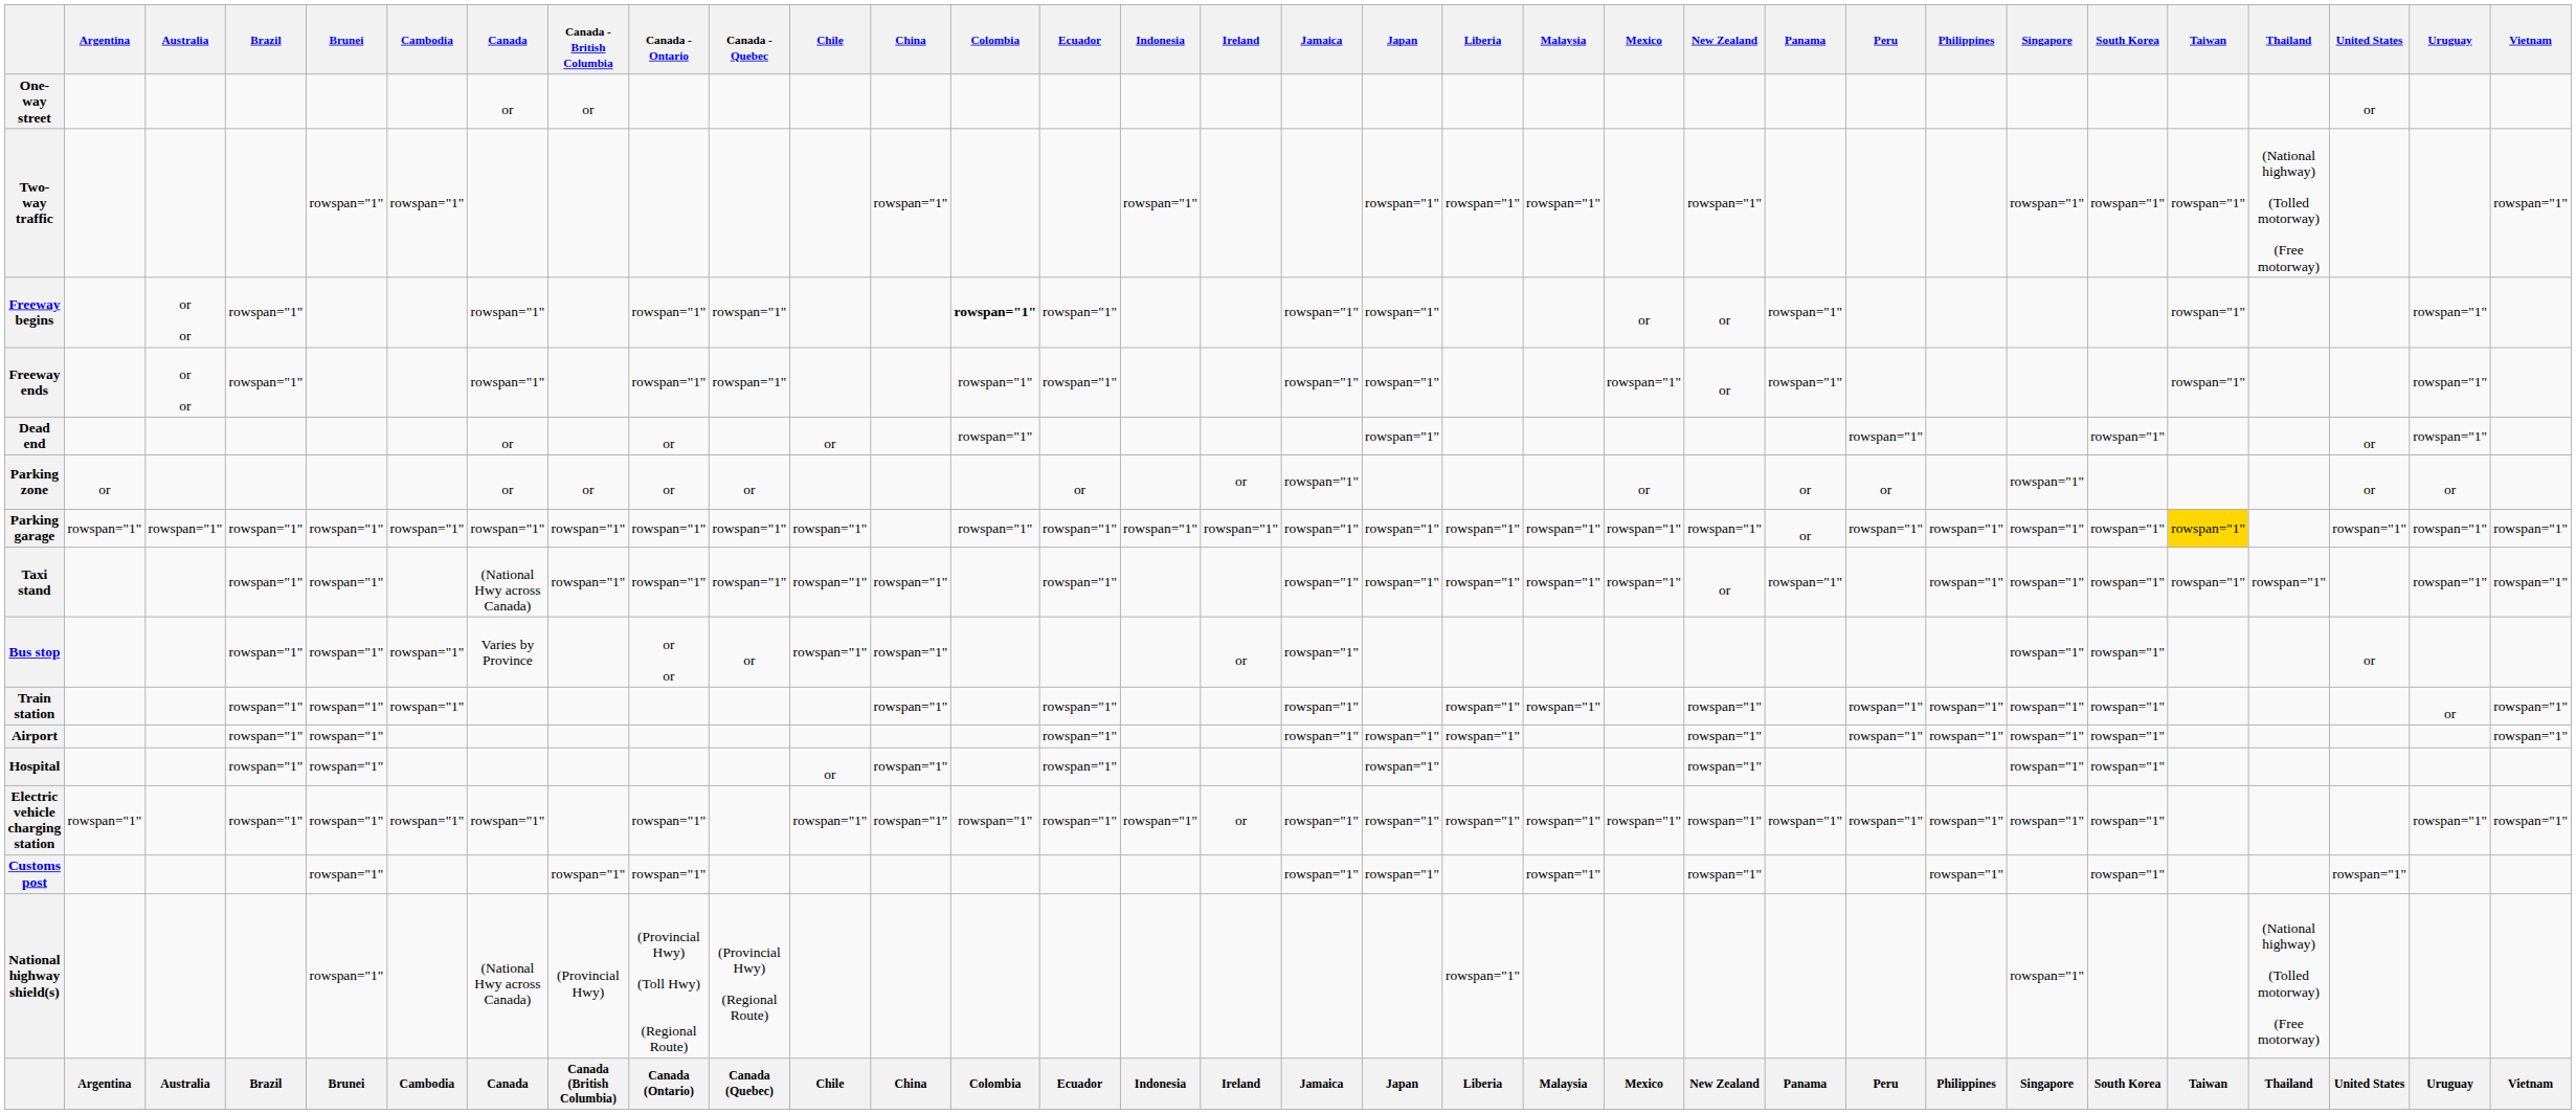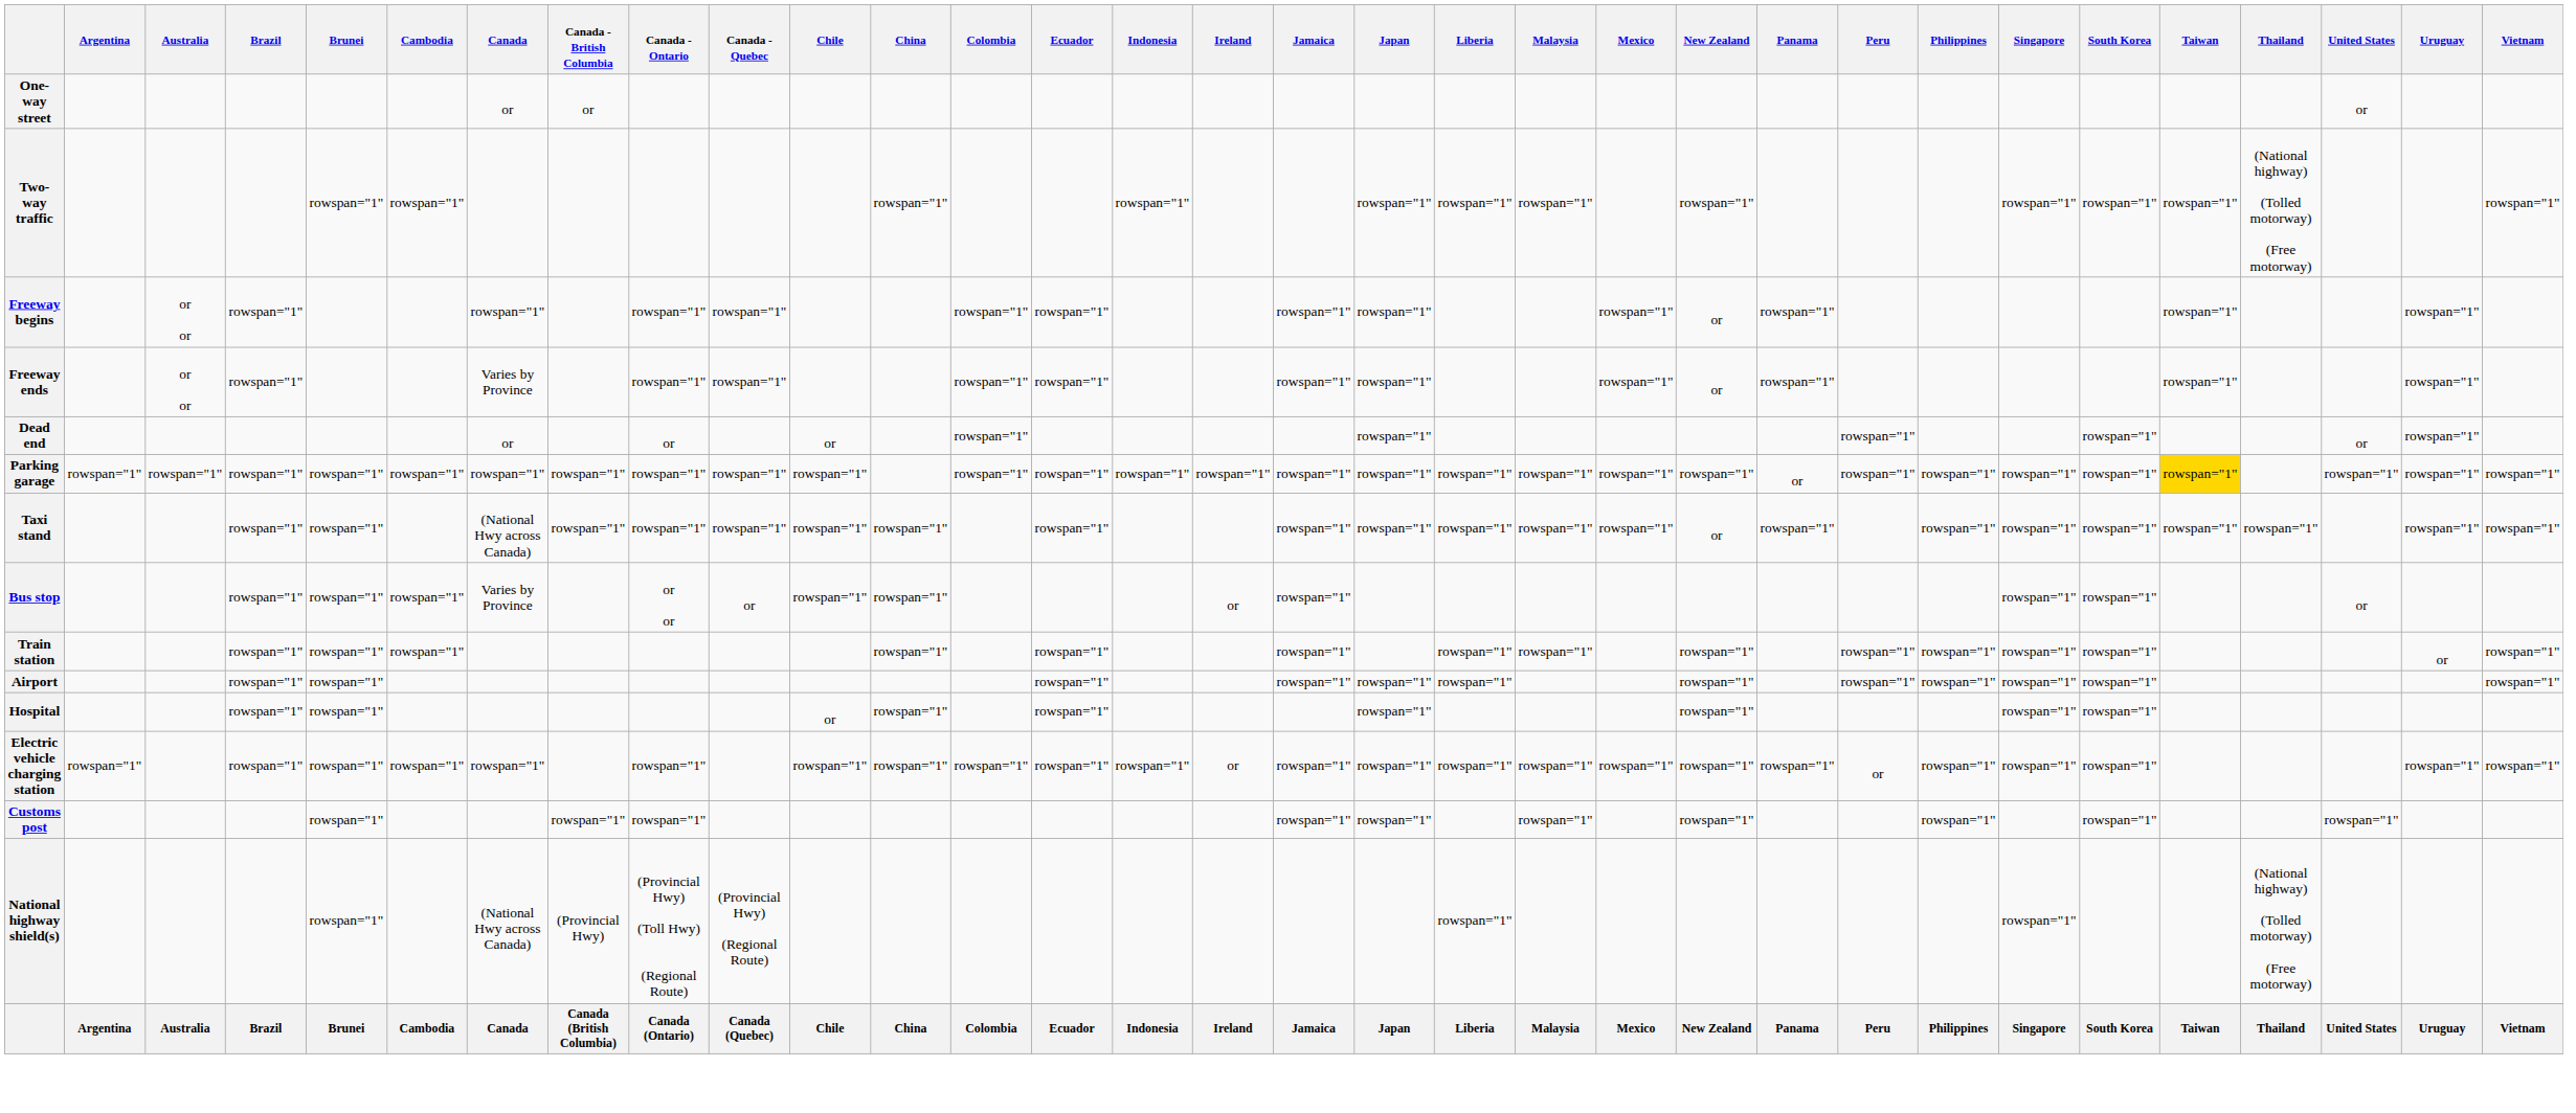 <table class="wikitable" style="text-align: center;">
 <tr>
 <th width="5" scope="col"> </th>
 <th> <br><small><a href='#'>Argentina</a><br>  </small></th>
 <th> <br><small><a href='#'>Australia</a><br>  </small></th>
 <th> <br><small><a href='#'>Brazil</a><br>  </small></th>
 <th> <br><small><a href='#'>Brunei</a><br>  </small></th>
 <th> <br><small><a href='#'>Cambodia</a><br>  </small></th>
 <th> <br><small><a href='#'>Canada</a><br>  </small></th>
 <th> <br><small>Canada -<br><a href='#'>British Columbia</a></small></th>
 <th> <br><small>Canada -<br><a href='#'>Ontario</a></small></th>
 <th> <br><small>Canada -<br><a href='#'>Quebec</a></small></th>
 <th> <br><small><a href='#'>Chile</a><br>  </small></th>
 <th> <br><small><a href='#'>China</a><br>  </small></th>
 <th> <br><small><a href='#'>Colombia</a><br>  </small></th>
 <th> <br><small><a href='#'>Ecuador</a><br>  </small></th>
 <th> <br><small><a href='#'>Indonesia</a><br>  </small></th>
 <th> <br><small><a href='#'>Ireland</a><br>  </small></th>
 <th> <br><small><a href='#'>Jamaica</a><br>  </small></th>
 <th> <br><small><a href='#'>Japan</a><br>  </small></th>
 <th> <br><small><a href='#'>Liberia</a><br>  </small></th>
 <th> <br><small><a href='#'>Malaysia</a><br>  </small></th>
 <th> <br><small><a href='#'>Mexico</a><br>  </small></th>
 <th> <br><small><a href='#'>New Zealand</a><br>  </small></th>
 <th> <br><small><a href='#'>Panama</a><br>  </small></th>
 <th> <br><small><a href='#'>Peru</a><br>  </small></th>
 <th> <br><small><a href='#'>Philippines</a><br>  </small></th>
 <th> <br><small><a href='#'>Singapore</a><br>  </small></th>
 <th> <br><small><a href='#'>South Korea</a><br>  </small></th>
 <th> <br><small><a href='#'>Taiwan</a><br>  </small></th>
 <th> <br><small><a href='#'>Thailand</a><br>  </small></th>
 <th width="138" scope="col"> <br><small><a href='#'>United States</a><br>  </small></th>
 <th> <br><small><a href='#'>Uruguay</a><br>  </small></th>
 <th> <br><small><a href='#'>Vietnam</a><br>  </small></th>
 </tr>
 <tr>
 <th>One-way<br>street</th>
 <td></td>
 <td></td>
 <td></td>
 <td></td>
 <td></td>
 <td><br>or<br></td>
 <td><br>or<br></td>
 <td></td>
 <td></td>
 <td></td>
 <td></td>
 <td></td>
 <td></td>
 <td></td>
 <td></td>
 <td></td>
 <td></td>
 <td></td>
 <td></td>
 <td></td>
 <td></td>
 <td></td>
 <td></td>
 <td></td>
 <td></td>
 <td></td>
 <td></td>
 <td></td>
 <td><br>or<br></td>
 <td></td>
 <td></td>
 </tr>
 <tr>
 <th>Two-way<br>traffic</th>
 <td></td>
 <td></td>
 <td></td>
 <td>rowspan="1" </td>
 <td>rowspan="1" </td>
 <td></td>
 <td></td>
 <td></td>
 <td></td>
 <td></td>
 <td>rowspan="1" </td>
 <td></td>
 <td></td>
 <td>rowspan="1" </td>
 <td></td>
 <td></td>
 <td>rowspan="1" </td>
 <td>rowspan="1" </td>
 <td>rowspan="1" </td>
 <td></td>
 <td>rowspan="1" </td>
 <td></td>
 <td></td>
 <td></td>
 <td>rowspan="1" </td>
 <td>rowspan="1" </td>
 <td>rowspan="1" </td>
 <td><br>(National highway)<br><br>(Tolled motorway)<br><br>(Free motorway)</td>
 <td><br></td>
 <td></td>
 <td>rowspan="1" </td>
 </tr>
 <tr>
 <th><a href='#'>Freeway</a> begins</th>
 <td></td>
 <td><br>or<br><br>or<br></td>
 <td>rowspan="1" </td>
 <td></td>
 <td></td>
 <td>rowspan="1" </td>
 <td></td>
 <td>rowspan="1" </td>
 <td>rowspan="1" </td>
 <td></td>
 <td></td>
-<td><strong>rowspan="1" </strong></td>
+<td>rowspan="1" </td>
 <td>rowspan="1" </td>
 <td></td>
 <td></td>
 <td>rowspan="1" </td>
 <td>rowspan="1" </td>
 <td></td>
 <td></td>
-<td><br>or<br></td>
+<td>rowspan="1" </td>
 <td><br>or<br></td>
 <td>rowspan="1" </td>
 <td></td>
 <td></td>
 <td></td>
 <td></td>
 <td>rowspan="1" </td>
 <td></td>
 <td></td>
 <td>rowspan="1" </td>
 <td></td>
 </tr>
 <tr>
 <th>Freeway ends</th>
 <td></td>
 <td><br>or<br><br>or<br></td>
 <td>rowspan="1" </td>
 <td></td>
 <td></td>
-<td>rowspan="1" </td>
+<td>Varies by Province</td>
 <td></td>
 <td>rowspan="1" </td>
 <td>rowspan="1" </td>
 <td></td>
 <td></td>
 <td>rowspan="1" </td>
 <td>rowspan="1" </td>
 <td></td>
 <td></td>
 <td>rowspan="1" </td>
 <td>rowspan="1" </td>
 <td></td>
 <td></td>
 <td>rowspan="1" </td>
 <td><br>or<br></td>
 <td>rowspan="1" </td>
 <td></td>
 <td></td>
 <td></td>
 <td></td>
 <td>rowspan="1" </td>
 <td></td>
 <td></td>
 <td>rowspan="1" </td>
 <td></td>
 </tr>
 <tr>
 <th>Dead end</th>
 <td></td>
 <td></td>
 <td></td>
 <td></td>
 <td></td>
 <td><br>or<br></td>
 <td></td>
 <td><br>or<br></td>
 <td></td>
 <td><br>or<br></td>
 <td></td>
 <td>rowspan="1" </td>
 <td></td>
 <td></td>
 <td></td>
 <td></td>
 <td>rowspan="1" </td>
 <td></td>
 <td></td>
 <td></td>
 <td></td>
 <td></td>
 <td>rowspan="1" </td>
 <td></td>
 <td></td>
 <td>rowspan="1" </td>
 <td></td>
 <td></td>
 <td><br>or<br></td>
 <td>rowspan="1" </td>
-<td></td>
-</tr>
-<tr>
-<th>Parking zone</th>
-<td><br>or<br></td>
-<td></td>
-<td></td>
-<td></td>
-<td></td>
-<td><br>or<br></td>
-<td><br>or<br></td>
-<td><br>or<br></td>
-<td><br>or<br></td>
-<td></td>
-<td></td>
-<td></td>
-<td><br>or<br></td>
-<td></td>
-<td><br>or<br><br></td>
-<td>rowspan="1" </td>
-<td></td>
-<td></td>
-<td></td>
-<td><br>or<br></td>
-<td></td>
-<td><br>or<br></td>
-<td><br>or<br></td>
-<td></td>
-<td>rowspan="1" </td>
-<td></td>
-<td></td>
-<td></td>
-<td><br>or<br></td>
-<td><br>or<br></td>
 <td></td>
 </tr>
 <tr>
 <th>Parking garage</th>
 <td>rowspan="1" </td>
 <td>rowspan="1" </td>
 <td>rowspan="1" </td>
 <td>rowspan="1" </td>
 <td>rowspan="1" </td>
 <td>rowspan="1" </td>
 <td>rowspan="1" </td>
 <td>rowspan="1" </td>
 <td>rowspan="1" </td>
 <td>rowspan="1" </td>
 <td></td>
 <td>rowspan="1" </td>
 <td>rowspan="1" </td>
 <td>rowspan="1" </td>
 <td>rowspan="1" </td>
 <td>rowspan="1" </td>
 <td>rowspan="1" </td>
 <td>rowspan="1" </td>
 <td>rowspan="1" </td>
 <td>rowspan="1" </td>
 <td>rowspan="1" </td>
 <td><br>or<br></td>
 <td>rowspan="1" </td>
 <td>rowspan="1" </td>
 <td>rowspan="1" </td>
 <td>rowspan="1" </td>
 <td style="background: gold;">rowspan="1" </td>
 <td></td>
 <td>rowspan="1" </td>
 <td>rowspan="1" </td>
 <td>rowspan="1" </td>
 </tr>
 <tr>
 <th>Taxi stand</th>
 <td></td>
 <td></td>
 <td>rowspan="1" </td>
 <td>rowspan="1" </td>
 <td></td>
 <td><br>(National Hwy across Canada)</td>
 <td>rowspan="1" </td>
 <td>rowspan="1" </td>
 <td>rowspan="1" </td>
 <td>rowspan="1" </td>
 <td>rowspan="1" </td>
 <td></td>
 <td>rowspan="1" </td>
 <td></td>
 <td></td>
 <td>rowspan="1" </td>
 <td>rowspan="1" </td>
 <td>rowspan="1" </td>
 <td>rowspan="1" </td>
 <td>rowspan="1" </td>
 <td><br>or<br></td>
 <td>rowspan="1" </td>
 <td></td>
 <td>rowspan="1" </td>
 <td>rowspan="1" </td>
 <td>rowspan="1" </td>
 <td>rowspan="1" </td>
 <td>rowspan="1" </td>
 <td></td>
 <td>rowspan="1" </td>
 <td>rowspan="1" </td>
 </tr>
 <tr>
 <th><a href='#'>Bus stop</a></th>
 <td></td>
 <td></td>
 <td>rowspan="1" </td>
 <td>rowspan="1" </td>
 <td>rowspan="1" </td>
 <td>Varies by Province</td>
 <td></td>
 <td><br>or<br><br>or<br></td>
 <td><br>or<br></td>
 <td>rowspan="1" </td>
 <td>rowspan="1" </td>
 <td></td>
 <td></td>
 <td></td>
 <td><br>or<br></td>
 <td>rowspan="1" </td>
 <td></td>
 <td></td>
 <td></td>
 <td></td>
 <td></td>
 <td></td>
 <td></td>
 <td></td>
 <td>rowspan="1" </td>
 <td>rowspan="1" </td>
 <td></td>
 <td></td>
 <td><br>or<br></td>
 <td></td>
 <td></td>
 </tr>
 <tr>
 <th>Train station</th>
 <td></td>
 <td></td>
 <td>rowspan="1" </td>
 <td>rowspan="1" </td>
 <td>rowspan="1" </td>
 <td></td>
 <td></td>
 <td></td>
 <td></td>
 <td></td>
 <td>rowspan="1" </td>
 <td></td>
 <td>rowspan="1" </td>
 <td></td>
 <td></td>
 <td>rowspan="1" </td>
 <td></td>
 <td>rowspan="1" </td>
 <td>rowspan="1" </td>
 <td></td>
 <td>rowspan="1" </td>
 <td></td>
 <td>rowspan="1" </td>
 <td>rowspan="1" </td>
 <td>rowspan="1" </td>
 <td>rowspan="1" </td>
 <td></td>
 <td></td>
 <td></td>
 <td><br>or<br></td>
 <td>rowspan="1" </td>
 </tr>
 <tr>
 <th>Airport</th>
 <td></td>
 <td></td>
 <td>rowspan="1" </td>
 <td>rowspan="1" </td>
 <td></td>
 <td></td>
 <td></td>
 <td></td>
 <td></td>
 <td></td>
 <td></td>
 <td></td>
 <td>rowspan="1" </td>
 <td></td>
 <td></td>
 <td>rowspan="1" </td>
 <td>rowspan="1" </td>
 <td>rowspan="1" </td>
 <td></td>
 <td></td>
 <td>rowspan="1" </td>
 <td></td>
 <td>rowspan="1" </td>
 <td>rowspan="1" </td>
 <td>rowspan="1" </td>
 <td>rowspan="1" </td>
 <td></td>
 <td></td>
 <td></td>
 <td></td>
 <td>rowspan="1" </td>
 </tr>
 <tr>
 <th>Hospital</th>
 <td></td>
 <td></td>
 <td>rowspan="1" </td>
 <td>rowspan="1" </td>
 <td></td>
 <td></td>
 <td></td>
 <td></td>
 <td></td>
 <td><br>or<br></td>
 <td>rowspan="1" </td>
 <td></td>
 <td>rowspan="1" </td>
 <td></td>
 <td></td>
 <td></td>
 <td>rowspan="1" </td>
 <td></td>
 <td></td>
 <td></td>
 <td>rowspan="1" </td>
 <td></td>
 <td></td>
 <td></td>
 <td>rowspan="1" </td>
 <td>rowspan="1" </td>
 <td></td>
 <td></td>
 <td></td>
 <td></td>
 <td></td>
 </tr>
 <tr>
 <th>Electric vehicle<br>charging station</th>
 <td>rowspan="1" </td>
 <td></td>
 <td>rowspan="1" </td>
 <td>rowspan="1" </td>
 <td>rowspan="1" </td>
 <td>rowspan="1" </td>
 <td></td>
 <td>rowspan="1" </td>
 <td></td>
 <td>rowspan="1" </td>
 <td>rowspan="1" </td>
 <td>rowspan="1" </td>
 <td>rowspan="1" </td>
 <td>rowspan="1" </td>
 <td><br>or<br><br></td>
 <td>rowspan="1" </td>
 <td>rowspan="1" </td>
 <td>rowspan="1" </td>
 <td>rowspan="1" </td>
 <td>rowspan="1" </td>
 <td>rowspan="1" </td>
 <td>rowspan="1" </td>
-<td>rowspan="1" </td>
+<td><br>or<br></td>
 <td>rowspan="1" </td>
 <td>rowspan="1" </td>
 <td>rowspan="1" </td>
 <td></td>
 <td></td>
 <td></td>
 <td>rowspan="1" </td>
 <td>rowspan="1" </td>
 </tr>
 <tr>
 <th><a href='#'>Customs<br>post</a></th>
 <td></td>
 <td></td>
 <td></td>
 <td>rowspan="1" </td>
 <td></td>
 <td></td>
 <td>rowspan="1" </td>
 <td>rowspan="1" </td>
 <td><br></td>
 <td></td>
 <td></td>
 <td></td>
 <td></td>
 <td></td>
 <td><br></td>
 <td>rowspan="1" <br></td>
 <td>rowspan="1" <br></td>
 <td></td>
 <td>rowspan="1" </td>
 <td></td>
 <td>rowspan="1" <br></td>
 <td></td>
 <td></td>
 <td>rowspan="1" </td>
 <td></td>
 <td>rowspan="1" </td>
 <td></td>
 <td></td>
 <td>rowspan="1" </td>
 <td></td>
 <td></td>
 </tr>
 <tr>
 <th>National<br>highway<br>shield(s)</th>
 <td></td>
 <td><br></td>
 <td></td>
 <td>rowspan="1" </td>
 <td></td>
 <td><br>(National Hwy across Canada)</td>
 <td><br>(Provincial Hwy)</td>
 <td><br><br>(Provincial Hwy)<br><br>(Toll Hwy)<br><br><br>(Regional Route)</td>
 <td><br>(Provincial Hwy)<br><br>(Regional Route)</td>
 <td><br></td>
 <td></td>
 <td></td>
 <td><br></td>
 <td></td>
 <td><br><br></td>
 <td><br></td>
 <td></td>
 <td>rowspan="1" </td>
 <td></td>
 <td></td>
 <td></td>
 <td><br></td>
 <td></td>
 <td><br><br></td>
 <td>rowspan="1" </td>
 <td><br><br></td>
 <td><br><br><br></td>
 <td><br>(National highway)<br><br>(Tolled motorway)<br><br>(Free motorway)</td>
 <td><br></td>
 <td></td>
 <td><br></td>
 </tr>
 <tr style="font-size: 88%;">
 <th></th>
 <th>Argentina</th>
 <th>Australia</th>
 <th>Brazil</th>
 <th>Brunei</th>
 <th>Cambodia</th>
 <th>Canada</th>
 <th>Canada<br>(British Columbia)</th>
 <th>Canada<br>(Ontario)</th>
 <th>Canada<br>(Quebec)</th>
 <th>Chile</th>
 <th>China</th>
 <th>Colombia</th>
 <th>Ecuador</th>
 <th>Indonesia</th>
 <th>Ireland</th>
 <th>Jamaica</th>
 <th>Japan</th>
 <th>Liberia</th>
 <th>Malaysia</th>
 <th>Mexico</th>
 <th>New Zealand</th>
 <th>Panama</th>
 <th>Peru</th>
 <th>Philippines</th>
 <th>Singapore</th>
 <th>South Korea</th>
 <th>Taiwan</th>
 <th>Thailand</th>
 <th>United States</th>
 <th>Uruguay</th>
 <th>Vietnam</th>
 </tr>
 </table>
